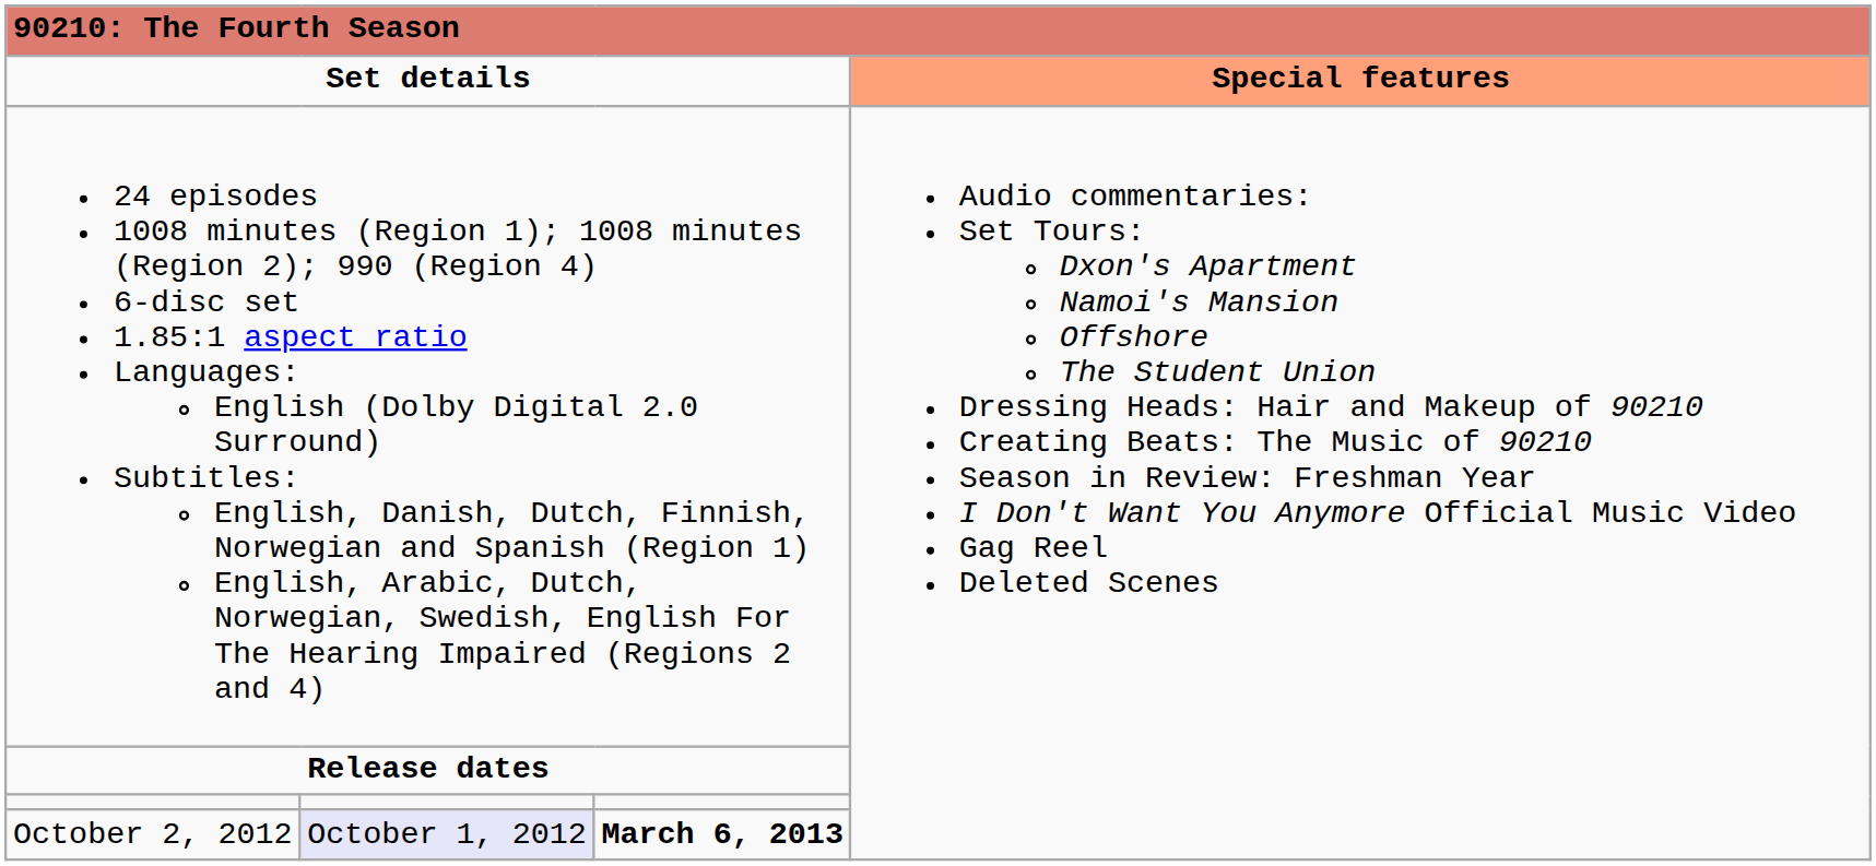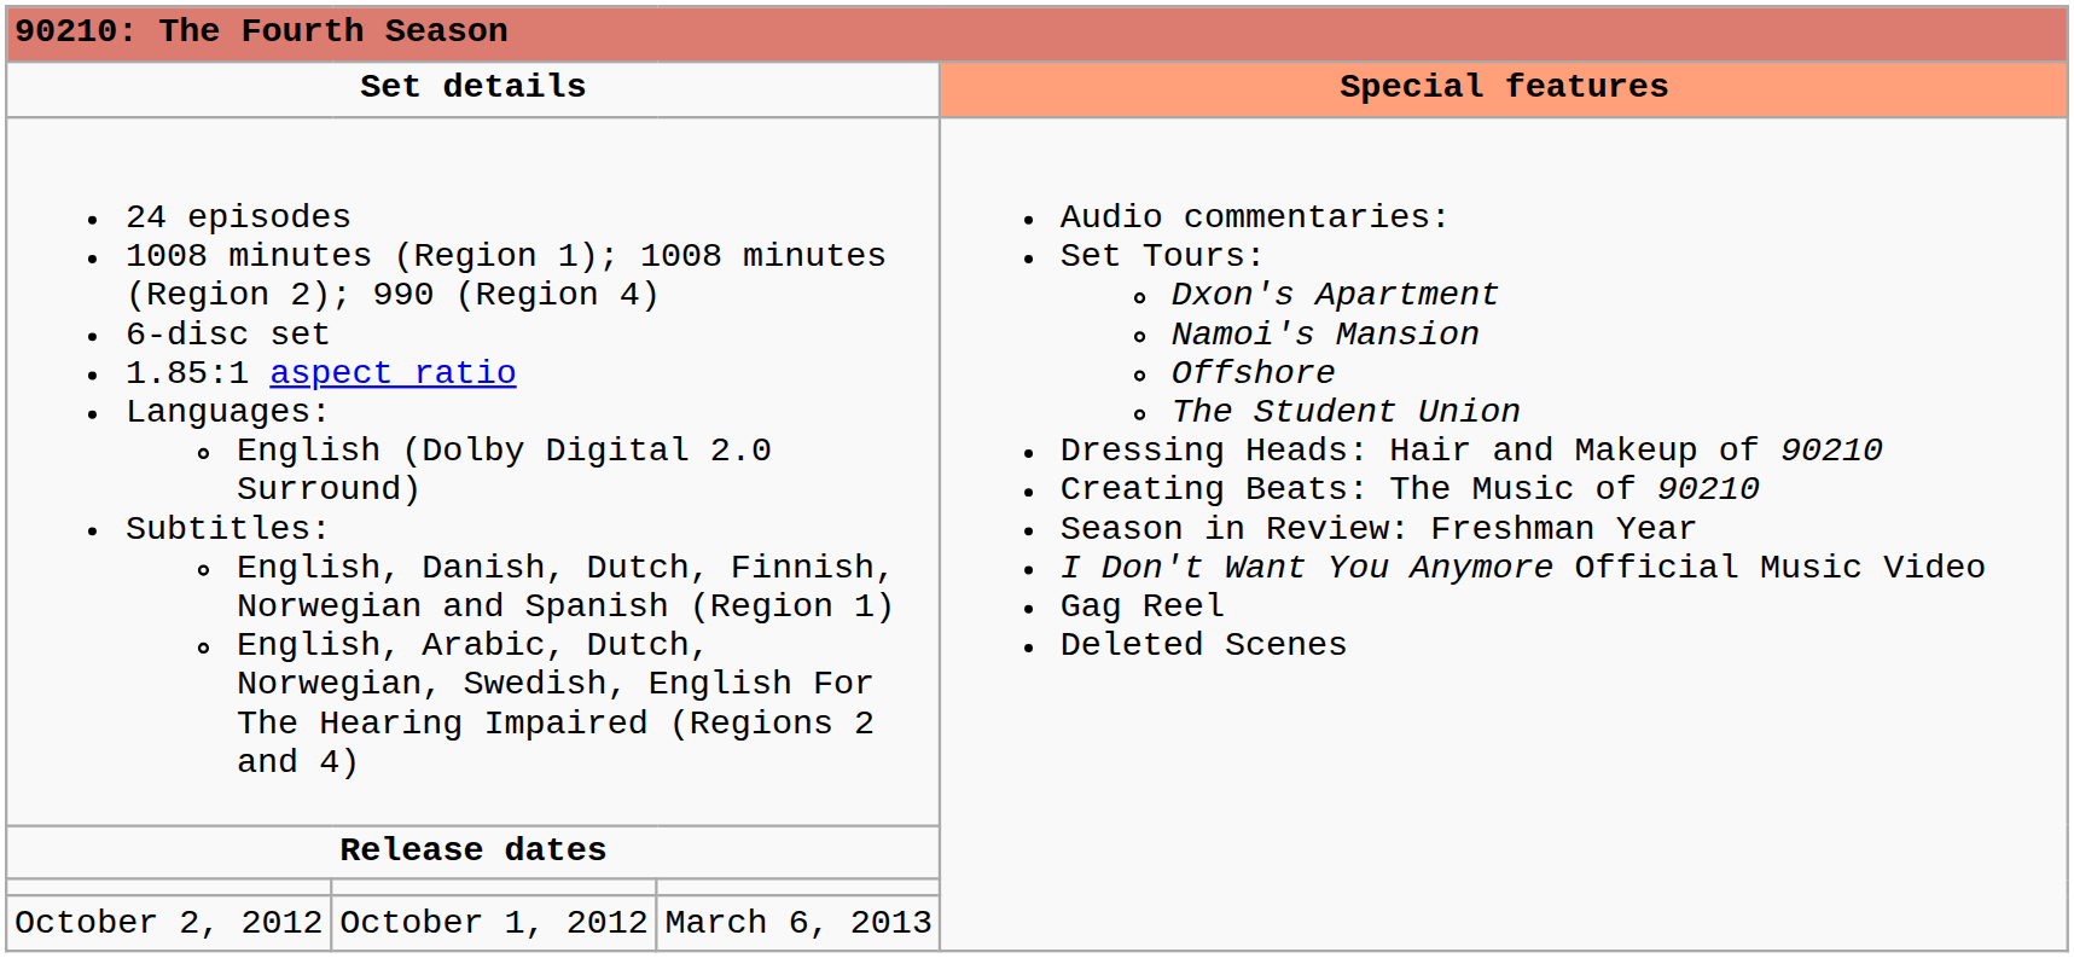 <table class="wikitable" style="font-size:95%;">
 <tr style="background:#DC7B70">
 <td colspan="6"><strong>90210: The Fourth Season</strong></td>
 </tr>
 <tr>
 <td align="center" width="300" colspan="3"><strong>Set details</strong></td>
 <td width="400" align="center" style="background: lightsalmon;"><strong>Special features</strong></td>
 </tr>
 <tr valign="top">
 <td colspan="3" align="left" width="300"><br><ul><li>24 episodes</li><li>1008 minutes (Region 1); 1008 minutes (Region 2); 990 (Region 4)</li><li>6-disc set</li><li>1.85:1 <a href='#'>aspect ratio</a></li><li>Languages:<ul><li>English (Dolby Digital 2.0 Surround)</li></ul></li><li>Subtitles:<ul><li>English, Danish, Dutch, Finnish, Norwegian and Spanish (Region 1)</li><li>English, Arabic, Dutch, Norwegian, Swedish, English For The Hearing Impaired (Regions 2 and 4)</li></ul></li></ul></td>
 <td rowspan="4" align="left" width="400"><br><ul><li>Audio commentaries:</li><li>Set Tours:<ul><li><em>Dxon's Apartment</em></li><li><em>Namoi's Mansion</em></li><li><em>Offshore</em></li><li><em>The Student Union</em></li></ul></li><li>Dressing Heads: Hair and Makeup of <em>90210</em></li><li>Creating Beats: The Music of <em>90210</em></li><li>Season in Review: Freshman Year</li><li><em>I Don't Want You Anymore</em> Official Music Video</li><li>Gag Reel</li><li>Deleted Scenes</li></ul></td>
 </tr>
 <tr>
 <td colspan="3" align="center"><strong>Release dates</strong></td>
 </tr>
 <tr>
 <td align="center"></td>
 <td align="center"></td>
 <td align="center"></td>
 </tr>
 <tr>
 <td align="center">October 2, 2012</td>
-<td align="center" style="background: lavender;">October 1, 2012</td>
-<td align="center"><strong>March 6, 2013 </strong></td>
+<td align="center">October 1, 2012</td>
+<td align="center">March 6, 2013 </td>
 </tr>
 </table>
